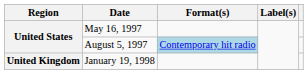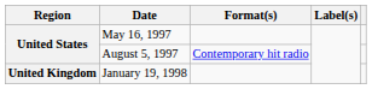 <table class="wikitable plainrowheaders">
 <tr>
 <th scope="col">Region</th>
 <th scope="col">Date</th>
 <th scope="col">Format(s)</th>
 <th scope="col">Label(s)</th>
 <th scope="col"></th>
 </tr>
 <tr>
 <th scope="row" rowspan="2">United States</th>
 <td>May 16, 1997</td>
 <td></td>
 <td rowspan="3"></td>
 <td></td>
 </tr>
 <tr>
 <td>August 5, 1997</td>
-<td style="background: lightblue;"><a href='#'>Contemporary hit radio</a></td>
+<td><a href='#'>Contemporary hit radio</a></td>
 <td></td>
 </tr>
 <tr>
 <th scope="row">United Kingdom</th>
 <td>January 19, 1998</td>
 <td></td>
 <td></td>
 </tr>
 </table>
